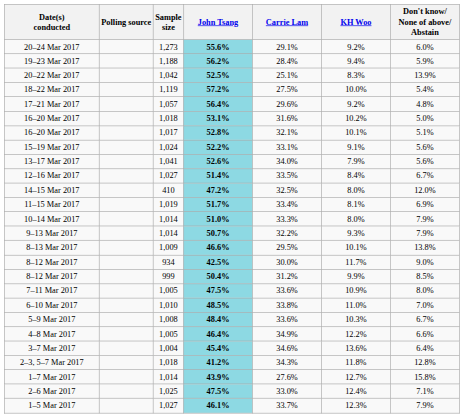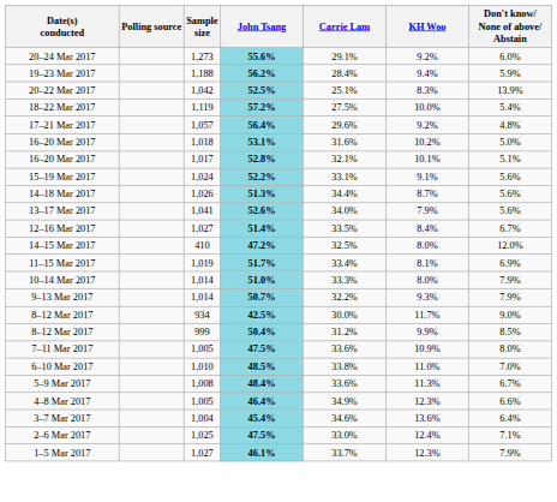 <table class="wikitable collapsible" style="text-align:center; font-size:80%; line-height:16px; margin-bottom:0; font-family:Verdana;">
 <tr style="height:42px; background:#e9e9e9;">
 <th width=140px>Date(s)<br>conducted</th>
 <th>Polling source</th>
 <th>Sample<br>size</th>
 <th width=100px><a href='#'>John Tsang</a></th>
 <th width=100px><a href='#'>Carrie Lam</a></th>
 <th width=100px><a href='#'>KH Woo</a></th>
 <th width=100px>Don't know/<br>None of above/<br>Abstain</th>
 </tr>
 <tr>
 <td>20–24 Mar 2017</td>
 <td></td>
 <td>1,273</td>
 <td bgcolor=#8dd9e3><strong>55.6%</strong></td>
 <td>29.1%</td>
 <td>9.2%</td>
 <td>6.0%</td>
 </tr>
 <tr>
 <td>19–23 Mar 2017</td>
 <td></td>
 <td>1,188</td>
 <td bgcolor=#8dd9e3><strong>56.2%</strong></td>
 <td>28.4%</td>
 <td>9.4%</td>
 <td>5.9%</td>
 </tr>
 <tr>
 <td>20–22 Mar 2017</td>
 <td></td>
 <td>1,042</td>
 <td bgcolor=#8dd9e3><strong>52.5%</strong></td>
 <td>25.1%</td>
 <td>8.3%</td>
 <td>13.9%</td>
 </tr>
 <tr>
 <td>18–22 Mar 2017</td>
 <td></td>
 <td>1,119</td>
 <td bgcolor=#8dd9e3><strong>57.2%</strong></td>
 <td>27.5%</td>
 <td>10.0%</td>
 <td>5.4%</td>
 </tr>
 <tr>
 <td>17–21 Mar 2017</td>
 <td></td>
 <td>1,057</td>
 <td bgcolor=#8dd9e3><strong>56.4%</strong></td>
 <td>29.6%</td>
 <td>9.2%</td>
 <td>4.8%</td>
 </tr>
 <tr>
 <td>16–20 Mar 2017</td>
 <td></td>
 <td>1,018</td>
 <td bgcolor=#8dd9e3><strong>53.1%</strong></td>
 <td>31.6%</td>
 <td>10.2%</td>
 <td>5.0%</td>
 </tr>
 <tr>
 <td>16–20 Mar 2017</td>
 <td></td>
 <td>1,017</td>
 <td bgcolor=#8dd9e3><strong>52.8%</strong></td>
 <td>32.1%</td>
 <td>10.1%</td>
 <td>5.1%</td>
 </tr>
 <tr>
 <td>15–19 Mar 2017</td>
 <td></td>
 <td>1,024</td>
 <td bgcolor=#8dd9e3><strong>52.2%</strong></td>
 <td>33.1%</td>
 <td>9.1%</td>
 <td>5.6%</td>
 </tr>
 <tr>
+<td>14–18 Mar 2017</td>
+<td></td>
+<td>1,026</td>
+<td bgcolor=#8dd9e3><strong>51.3%</strong></td>
+<td>34.4%</td>
+<td>8.7%</td>
+<td>5.6%</td>
+</tr>
+<tr>
 <td>13–17 Mar 2017</td>
 <td></td>
 <td>1,041</td>
 <td bgcolor=#8dd9e3><strong>52.6%</strong></td>
 <td>34.0%</td>
 <td>7.9%</td>
 <td>5.6%</td>
 </tr>
 <tr>
 <td>12–16 Mar 2017</td>
 <td></td>
 <td>1,027</td>
 <td bgcolor=#8dd9e3><strong>51.4%</strong></td>
 <td>33.5%</td>
 <td>8.4%</td>
 <td>6.7%</td>
 </tr>
 <tr>
 <td>14–15 Mar 2017</td>
 <td></td>
 <td>410</td>
 <td bgcolor=#8dd9e3><strong>47.2%</strong></td>
 <td>32.5%</td>
 <td>8.0%</td>
 <td>12.0%</td>
 </tr>
 <tr>
 <td>11–15 Mar 2017</td>
 <td></td>
 <td>1,019</td>
 <td bgcolor=#8dd9e3><strong>51.7%</strong></td>
 <td>33.4%</td>
 <td>8.1%</td>
 <td>6.9%</td>
 </tr>
 <tr>
 <td>10–14 Mar 2017</td>
 <td></td>
 <td>1,014</td>
 <td bgcolor=#8dd9e3><strong>51.0%</strong></td>
 <td>33.3%</td>
 <td>8.0%</td>
 <td>7.9%</td>
 </tr>
 <tr>
 <td>9–13 Mar 2017</td>
 <td></td>
 <td>1,014</td>
 <td bgcolor=#8dd9e3><strong>50.7%</strong></td>
 <td>32.2%</td>
 <td>9.3%</td>
 <td>7.9%</td>
 </tr>
 <tr>
-<td>8–13 Mar 2017</td>
-<td></td>
-<td>1,009</td>
-<td bgcolor=#8dd9e3><strong>46.6%</strong></td>
-<td>29.5%</td>
-<td>10.1%</td>
-<td>13.8%</td>
-</tr>
-<tr>
 <td>8–12 Mar 2017</td>
 <td></td>
 <td>934</td>
 <td bgcolor=#8dd9e3><strong>42.5%</strong></td>
 <td>30.0%</td>
 <td>11.7%</td>
 <td>9.0%</td>
 </tr>
 <tr>
 <td>8–12 Mar 2017</td>
 <td> </td>
 <td>999</td>
 <td bgcolor=#8dd9e3><strong>50.4%</strong></td>
 <td>31.2%</td>
 <td>9.9%</td>
 <td>8.5%</td>
 </tr>
 <tr>
 <td>7–11 Mar 2017</td>
 <td></td>
 <td>1,005</td>
 <td bgcolor=#8dd9e3><strong>47.5%</strong></td>
 <td>33.6%</td>
 <td>10.9%</td>
 <td>8.0%</td>
 </tr>
 <tr>
 <td>6–10 Mar 2017</td>
 <td></td>
 <td>1,010</td>
 <td bgcolor=#8dd9e3><strong>48.5%</strong></td>
 <td>33.8%</td>
 <td>11.0%</td>
 <td>7.0%</td>
 </tr>
 <tr>
 <td>5–9 Mar 2017</td>
 <td></td>
 <td>1,008</td>
 <td bgcolor=#8dd9e3><strong>48.4%</strong></td>
 <td>33.6%</td>
-<td>10.3%</td>
+<td>11.3%</td>
 <td>6.7%</td>
 </tr>
 <tr>
 <td>4–8 Mar 2017</td>
 <td></td>
 <td>1,005</td>
 <td bgcolor=#8dd9e3><strong>46.4%</strong></td>
 <td>34.9%</td>
-<td>12.2%</td>
+<td>12.3%</td>
 <td>6.6%</td>
 </tr>
 <tr>
 <td>3–7 Mar 2017</td>
 <td></td>
 <td>1,004</td>
 <td bgcolor=#8dd9e3><strong>45.4%</strong></td>
 <td>34.6%</td>
 <td>13.6%</td>
 <td>6.4%</td>
-</tr>
-<tr>
-<td>2–3, 5–7 Mar 2017</td>
-<td></td>
-<td>1,018</td>
-<td bgcolor=#8dd9e3><strong>41.2%</strong></td>
-<td>34.3%</td>
-<td>11.8%</td>
-<td>12.8%</td>
-</tr>
-<tr>
-<td>1–7 Mar 2017</td>
-<td></td>
-<td>1,014</td>
-<td bgcolor=#8dd9e3><strong>43.9%</strong></td>
-<td>27.6%</td>
-<td>12.7%</td>
-<td>15.8%</td>
 </tr>
 <tr>
 <td>2–6 Mar 2017</td>
 <td></td>
 <td>1,025</td>
 <td bgcolor=#8dd9e3><strong>47.5%</strong></td>
 <td>33.0%</td>
 <td>12.4%</td>
 <td>7.1%</td>
 </tr>
 <tr>
 <td>1–5 Mar 2017</td>
 <td></td>
 <td>1,027</td>
 <td bgcolor=#8dd9e3><strong>46.1%</strong></td>
 <td>33.7%</td>
 <td>12.3%</td>
 <td>7.9%</td>
 </tr>
 </table>
